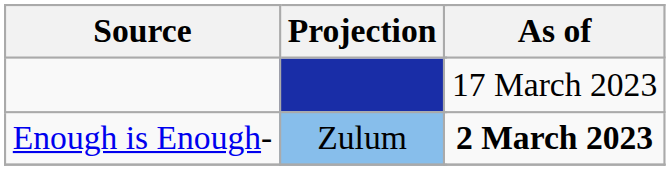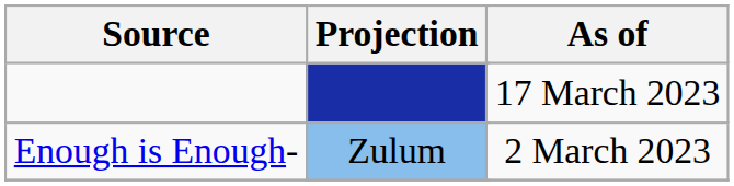 <table class="wikitable" style="text-align:center">
 <tr>
 <th>Source</th>
 <th colspan=2>Projection</th>
 <th>As of</th>
 </tr>
 <tr>
 <td align="left"></td>
 <td colspan=2 bgcolor=#192da7></td>
 <td>17 March 2023</td>
 </tr>
 <tr>
 <td align="left"><a href='#'>Enough is Enough</a>-<br></td>
 <td colspan=2 bgcolor=#87BEEB>Zulum</td>
-<td><strong>2 March 2023</strong></td>
+<td>2 March 2023</td>
 </tr>
 <tr>
 </tr>
 </table>
